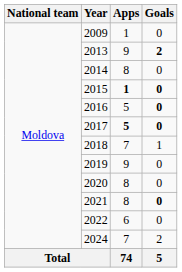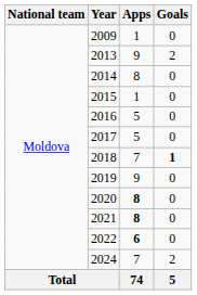 <table class=wikitable style=text-align:center>
 <tr>
 <th>National team</th>
 <th>Year</th>
 <th>Apps</th>
 <th>Goals</th>
 </tr>
 <tr>
 <td rowspan="12"><a href='#'>Moldova</a></td>
 <td>2009</td>
 <td>1</td>
 <td>0</td>
 </tr>
 <tr>
 <td>2013</td>
 <td>9</td>
-<td><strong>2</strong></td>
+<td>2</td>
 </tr>
 <tr>
 <td>2014</td>
 <td>8</td>
 <td>0</td>
 </tr>
 <tr>
 <td>2015</td>
-<td><strong>1</strong></td>
-<td><strong>0</strong></td>
+<td>1</td>
+<td>0</td>
 </tr>
 <tr>
 <td>2016</td>
 <td>5</td>
-<td><strong>0</strong></td>
+<td>0</td>
 </tr>
 <tr>
 <td>2017</td>
-<td><strong>5</strong></td>
-<td><strong>0</strong></td>
+<td>5</td>
+<td>0</td>
 </tr>
 <tr>
 <td>2018</td>
 <td>7</td>
-<td>1</td>
+<td><strong>1</strong></td>
 </tr>
 <tr>
 <td>2019</td>
 <td>9</td>
 <td>0</td>
 </tr>
 <tr>
 <td>2020</td>
-<td>8</td>
+<td><strong>8</strong></td>
 <td>0</td>
 </tr>
 <tr>
 <td>2021</td>
-<td>8</td>
-<td><strong>0</strong></td>
+<td><strong>8</strong></td>
+<td>0</td>
 </tr>
 <tr>
 <td>2022</td>
-<td>6</td>
+<td><strong>6</strong></td>
 <td>0</td>
 </tr>
 <tr>
 <td>2024</td>
 <td>7</td>
 <td>2</td>
 </tr>
 <tr>
 <th colspan=2>Total</th>
 <th>74</th>
 <th>5</th>
 </tr>
 </table>
